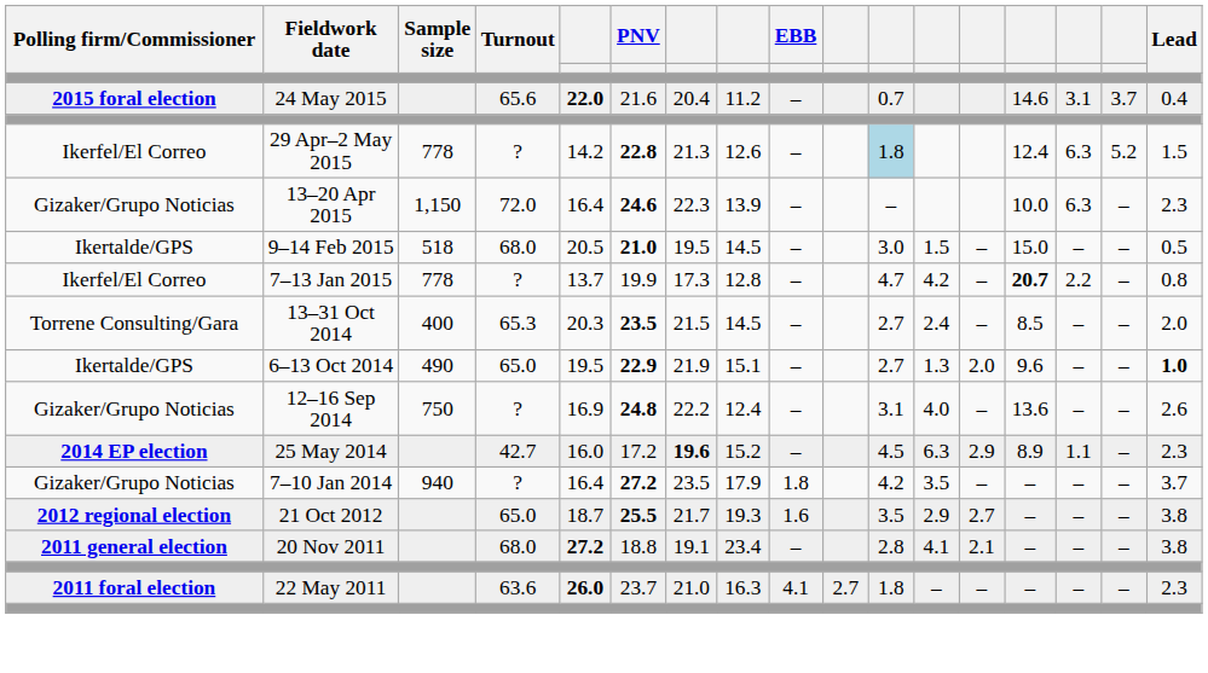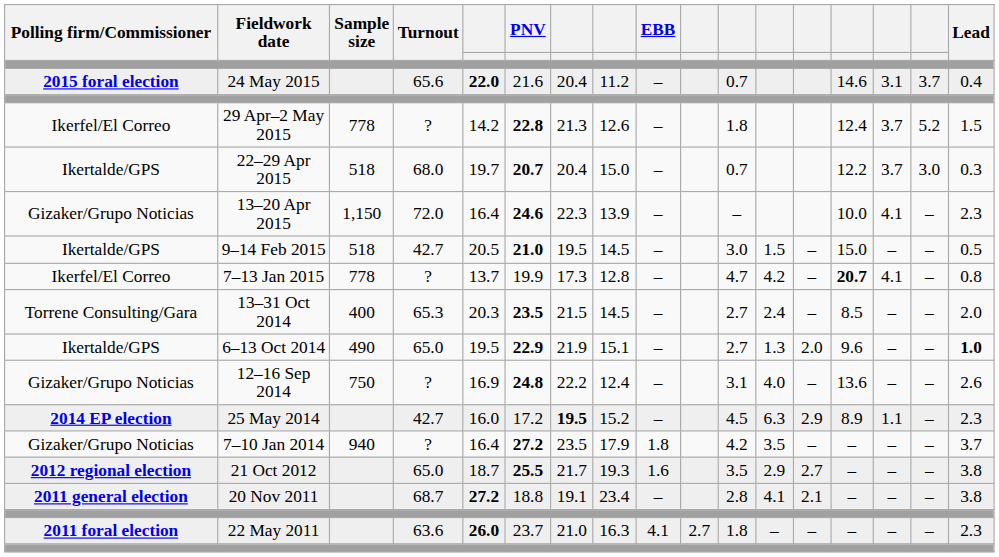 <table class="wikitable collapsible collapsed" style="text-align:center; font-size:95%; line-height:16px;">
 <tr style="height:42px;">
 <th style="width:250px;" rowspan="2">Polling firm/Commissioner</th>
 <th style="width:125px;" rowspan="2">Fieldwork date</th>
 <th style="width:50px;" rowspan="2">Sample size</th>
 <th style="width:45px;" rowspan="2">Turnout</th>
 <th style="width:35px;"></th>
 <th style="width:35px;"><a href='#'>PNV</a></th>
 <th style="width:35px;"></th>
 <th style="width:35px;"></th>
 <th style="width:35px;"><a href='#'>EBB</a></th>
 <th style="width:35px;"></th>
 <th style="width:35px;"></th>
 <th style="width:35px;"></th>
 <th style="width:35px;"></th>
 <th style="width:35px;"></th>
 <th style="width:35px;"></th>
 <th style="width:35px;"></th>
 <th style="width:30px;" rowspan="2">Lead</th>
 </tr>
 <tr>
 <th style="color:inherit;background:"></th>
 <th style="color:inherit;background:"></th>
 <th style="color:inherit;background:"></th>
 <th style="color:inherit;background:"></th>
 <th style="color:inherit;background:"></th>
 <th style="color:inherit;background:"></th>
 <th style="color:inherit;background:"></th>
 <th style="color:inherit;background:"></th>
 <th style="color:inherit;background:"></th>
 <th style="color:inherit;background:"></th>
 <th style="color:inherit;background:"></th>
 <th style="color:inherit;background:"></th>
 </tr>
 <tr>
 <td colspan="17" style="background:#A0A0A0"></td>
 </tr>
 <tr style="background:#EFEFEF;">
 <td><strong><a href='#'>2015 foral election</a></strong></td>
 <td>24 May 2015</td>
 <td></td>
 <td>65.6</td>
 <td><strong>22.0</strong><br></td>
 <td>21.6<br></td>
 <td>20.4<br></td>
 <td>11.2<br></td>
 <td>–</td>
 <td></td>
 <td>0.7<br></td>
 <td></td>
 <td></td>
 <td>14.6<br></td>
 <td>3.1<br></td>
 <td>3.7<br></td>
 <td style="background:">0.4</td>
 </tr>
 <tr>
 <td colspan="17" style="background:#A0A0A0"></td>
 </tr>
 <tr>
 <td>Ikerfel/El Correo</td>
 <td>29 Apr–2 May 2015</td>
 <td>778</td>
 <td>?</td>
 <td>14.2<br></td>
 <td><strong>22.8</strong><br></td>
 <td>21.3<br></td>
 <td>12.6<br></td>
 <td>–</td>
 <td></td>
-<td style="background: lightblue;">1.8<br></td>
+<td>1.8<br></td>
 <td></td>
 <td></td>
 <td>12.4<br></td>
-<td>6.3<br></td>
+<td>3.7</td>
 <td>5.2<br></td>
 <td style="background:">1.5</td>
+</tr>
+<tr>
+<td>Ikertalde/GPS</td>
+<td>22–29 Apr 2015</td>
+<td>518</td>
+<td>68.0</td>
+<td>19.7</td>
+<td><strong>20.7</strong></td>
+<td>20.4</td>
+<td>15.0</td>
+<td>–</td>
+<td></td>
+<td>0.7</td>
+<td></td>
+<td></td>
+<td>12.2</td>
+<td>3.7</td>
+<td>3.0</td>
+<td style="background:">0.3</td>
 </tr>
 <tr>
 <td>Gizaker/Grupo Noticias</td>
 <td>13–20 Apr 2015</td>
 <td>1,150</td>
 <td>72.0</td>
 <td>16.4<br></td>
 <td><strong>24.6</strong><br></td>
 <td>22.3<br></td>
 <td>13.9<br></td>
 <td>–</td>
 <td></td>
 <td>–</td>
 <td></td>
 <td></td>
 <td>10.0<br></td>
-<td>6.3<br></td>
+<td>4.1<br></td>
 <td>–</td>
 <td style="background:">2.3</td>
 </tr>
 <tr>
 <td>Ikertalde/GPS</td>
 <td>9–14 Feb 2015</td>
 <td>518</td>
-<td>68.0</td>
+<td>42.7</td>
 <td>20.5</td>
 <td><strong>21.0</strong></td>
 <td>19.5</td>
 <td>14.5</td>
 <td>–</td>
 <td></td>
 <td>3.0</td>
 <td>1.5</td>
 <td>–</td>
 <td>15.0</td>
 <td>–</td>
 <td>–</td>
 <td style="background:">0.5</td>
 </tr>
 <tr>
 <td>Ikerfel/El Correo</td>
 <td>7–13 Jan 2015</td>
 <td>778</td>
 <td>?</td>
 <td>13.7<br></td>
 <td>19.9<br></td>
 <td>17.3<br></td>
 <td>12.8<br></td>
 <td>–</td>
 <td></td>
 <td>4.7<br></td>
 <td>4.2<br></td>
 <td>–</td>
 <td><strong>20.7</strong><br></td>
-<td>2.2<br></td>
+<td>4.1<br></td>
 <td>–</td>
 <td style="background:">0.8</td>
 </tr>
 <tr>
 <td>Torrene Consulting/Gara</td>
 <td>13–31 Oct 2014</td>
 <td>400</td>
 <td>65.3</td>
 <td>20.3<br></td>
 <td><strong>23.5</strong><br></td>
 <td>21.5<br></td>
 <td>14.5<br></td>
 <td>–</td>
 <td></td>
 <td>2.7<br></td>
 <td>2.4<br></td>
 <td>–</td>
 <td>8.5<br></td>
 <td>–</td>
 <td>–</td>
 <td style="background:">2.0</td>
 </tr>
 <tr>
 <td>Ikertalde/GPS</td>
 <td>6–13 Oct 2014</td>
 <td>490</td>
 <td>65.0</td>
 <td>19.5</td>
 <td><strong>22.9</strong></td>
 <td>21.9</td>
 <td>15.1</td>
 <td>–</td>
 <td></td>
 <td>2.7</td>
 <td>1.3</td>
 <td>2.0</td>
 <td>9.6</td>
 <td>–</td>
 <td>–</td>
 <td style="background:"><strong>1.0</strong></td>
 </tr>
 <tr>
 <td>Gizaker/Grupo Noticias</td>
 <td>12–16 Sep 2014</td>
 <td>750</td>
 <td>?</td>
 <td>16.9<br></td>
 <td><strong>24.8</strong><br></td>
 <td>22.2<br></td>
 <td>12.4<br></td>
 <td>–</td>
 <td></td>
 <td>3.1<br></td>
 <td>4.0<br></td>
 <td>–</td>
 <td>13.6<br></td>
 <td>–</td>
 <td>–</td>
 <td style="background:">2.6</td>
 </tr>
 <tr style="background:#EFEFEF;">
 <td><strong><a href='#'>2014 EP election</a></strong></td>
 <td>25 May 2014</td>
 <td></td>
 <td>42.7</td>
 <td>16.0</td>
 <td>17.2</td>
-<td><strong>19.6</strong></td>
+<td><strong>19.5</strong></td>
 <td>15.2</td>
 <td>–</td>
 <td></td>
 <td>4.5</td>
 <td>6.3</td>
 <td>2.9</td>
 <td>8.9</td>
 <td>1.1</td>
 <td>–</td>
 <td style="background:">2.3</td>
 </tr>
 <tr>
 <td>Gizaker/Grupo Noticias</td>
 <td>7–10 Jan 2014</td>
 <td>940</td>
 <td>?</td>
 <td>16.4<br></td>
 <td><strong>27.2</strong><br></td>
 <td>23.5<br></td>
 <td>17.9<br></td>
 <td>1.8<br></td>
 <td></td>
 <td>4.2<br></td>
 <td>3.5<br></td>
 <td>–</td>
 <td>–</td>
 <td>–</td>
 <td>–</td>
 <td style="background:">3.7</td>
 </tr>
 <tr style="background:#EFEFEF;">
 <td><strong><a href='#'>2012 regional election</a></strong></td>
 <td>21 Oct 2012</td>
 <td></td>
 <td>65.0</td>
 <td>18.7</td>
 <td><strong>25.5</strong></td>
 <td>21.7</td>
 <td>19.3</td>
 <td>1.6</td>
 <td></td>
 <td>3.5</td>
 <td>2.9</td>
 <td>2.7</td>
 <td>–</td>
 <td>–</td>
 <td>–</td>
 <td style="background:">3.8</td>
 </tr>
 <tr style="background:#EFEFEF;">
 <td><strong><a href='#'>2011 general election</a></strong></td>
 <td>20 Nov 2011</td>
 <td></td>
-<td>68.0</td>
+<td>68.7</td>
 <td><strong>27.2</strong></td>
 <td>18.8</td>
 <td>19.1</td>
 <td>23.4</td>
 <td>–</td>
 <td></td>
 <td>2.8</td>
 <td>4.1</td>
 <td>2.1</td>
 <td>–</td>
 <td>–</td>
 <td>–</td>
 <td style="background:">3.8</td>
 </tr>
 <tr>
 <td colspan="17" style="background:#A0A0A0"></td>
 </tr>
 <tr style="background:#EFEFEF;">
 <td><strong><a href='#'>2011 foral election</a></strong></td>
 <td>22 May 2011</td>
 <td></td>
 <td>63.6</td>
 <td><strong>26.0</strong><br></td>
 <td>23.7<br></td>
 <td>21.0<br></td>
 <td>16.3<br></td>
 <td>4.1<br></td>
 <td>2.7<br></td>
 <td>1.8<br></td>
 <td>–</td>
 <td>–</td>
 <td>–</td>
 <td>–</td>
 <td>–</td>
 <td style="background:">2.3</td>
 </tr>
 <tr>
 <td colspan="17" style="background:#A0A0A0"></td>
 </tr>
 </table>
